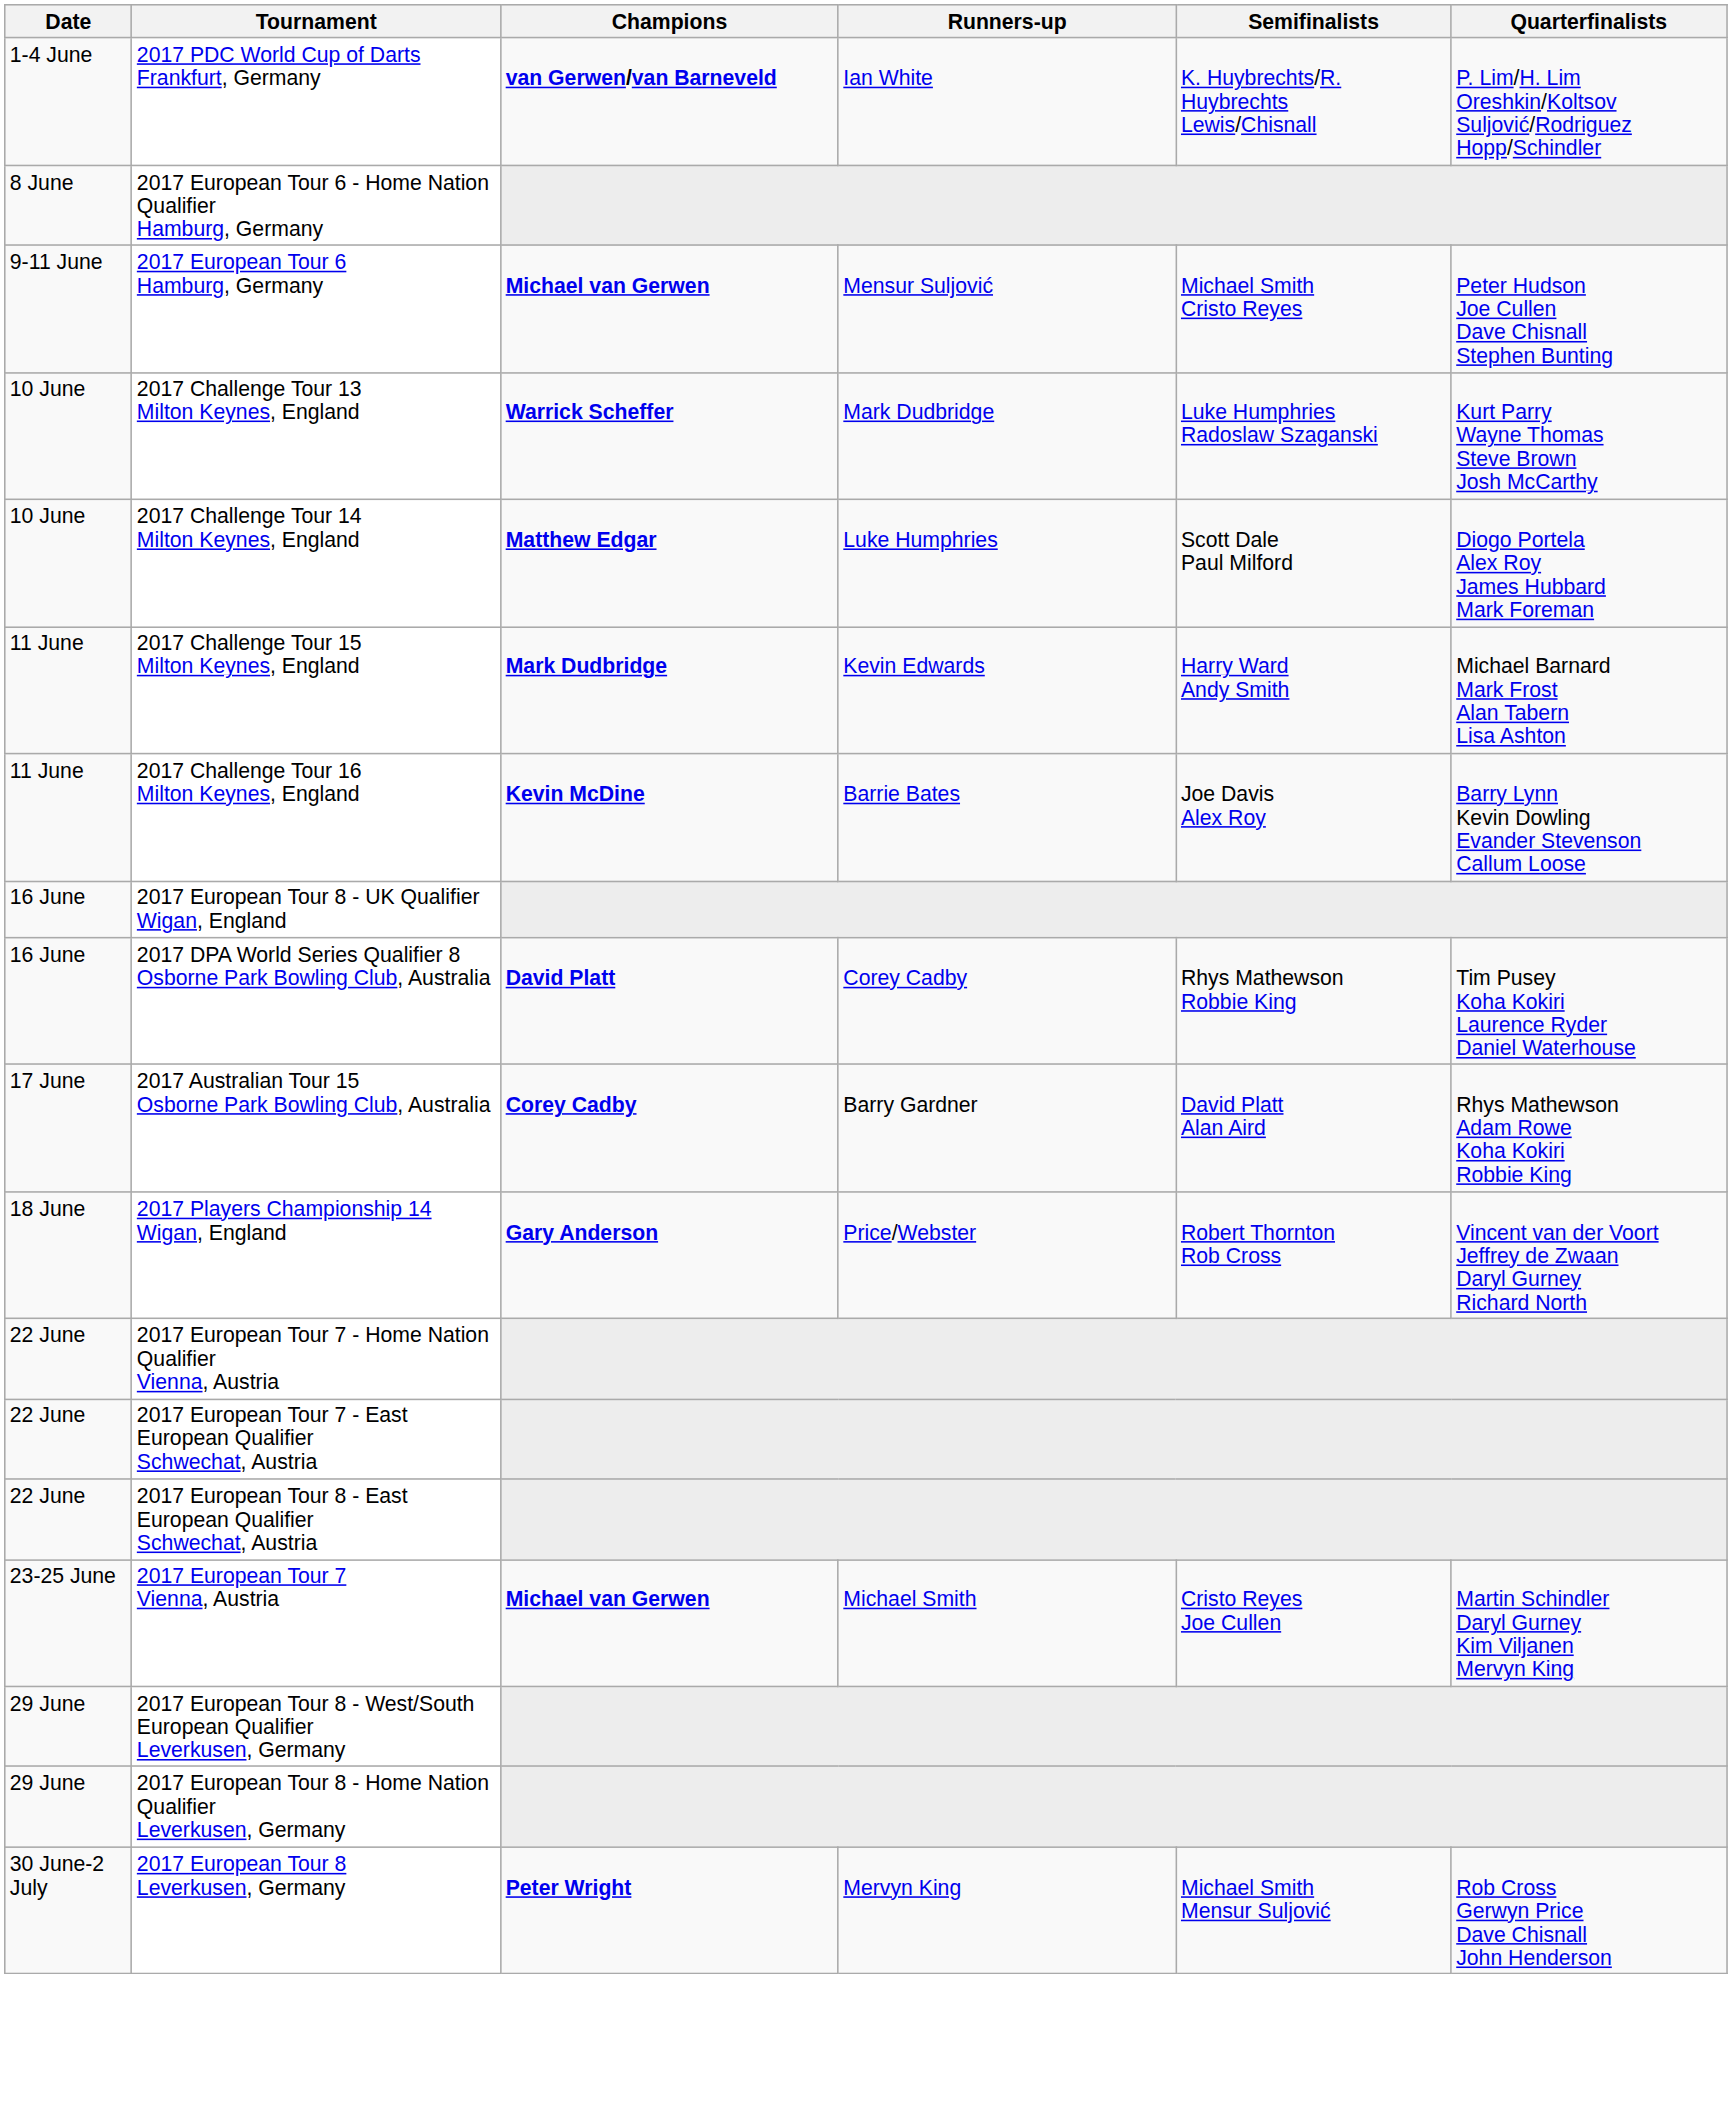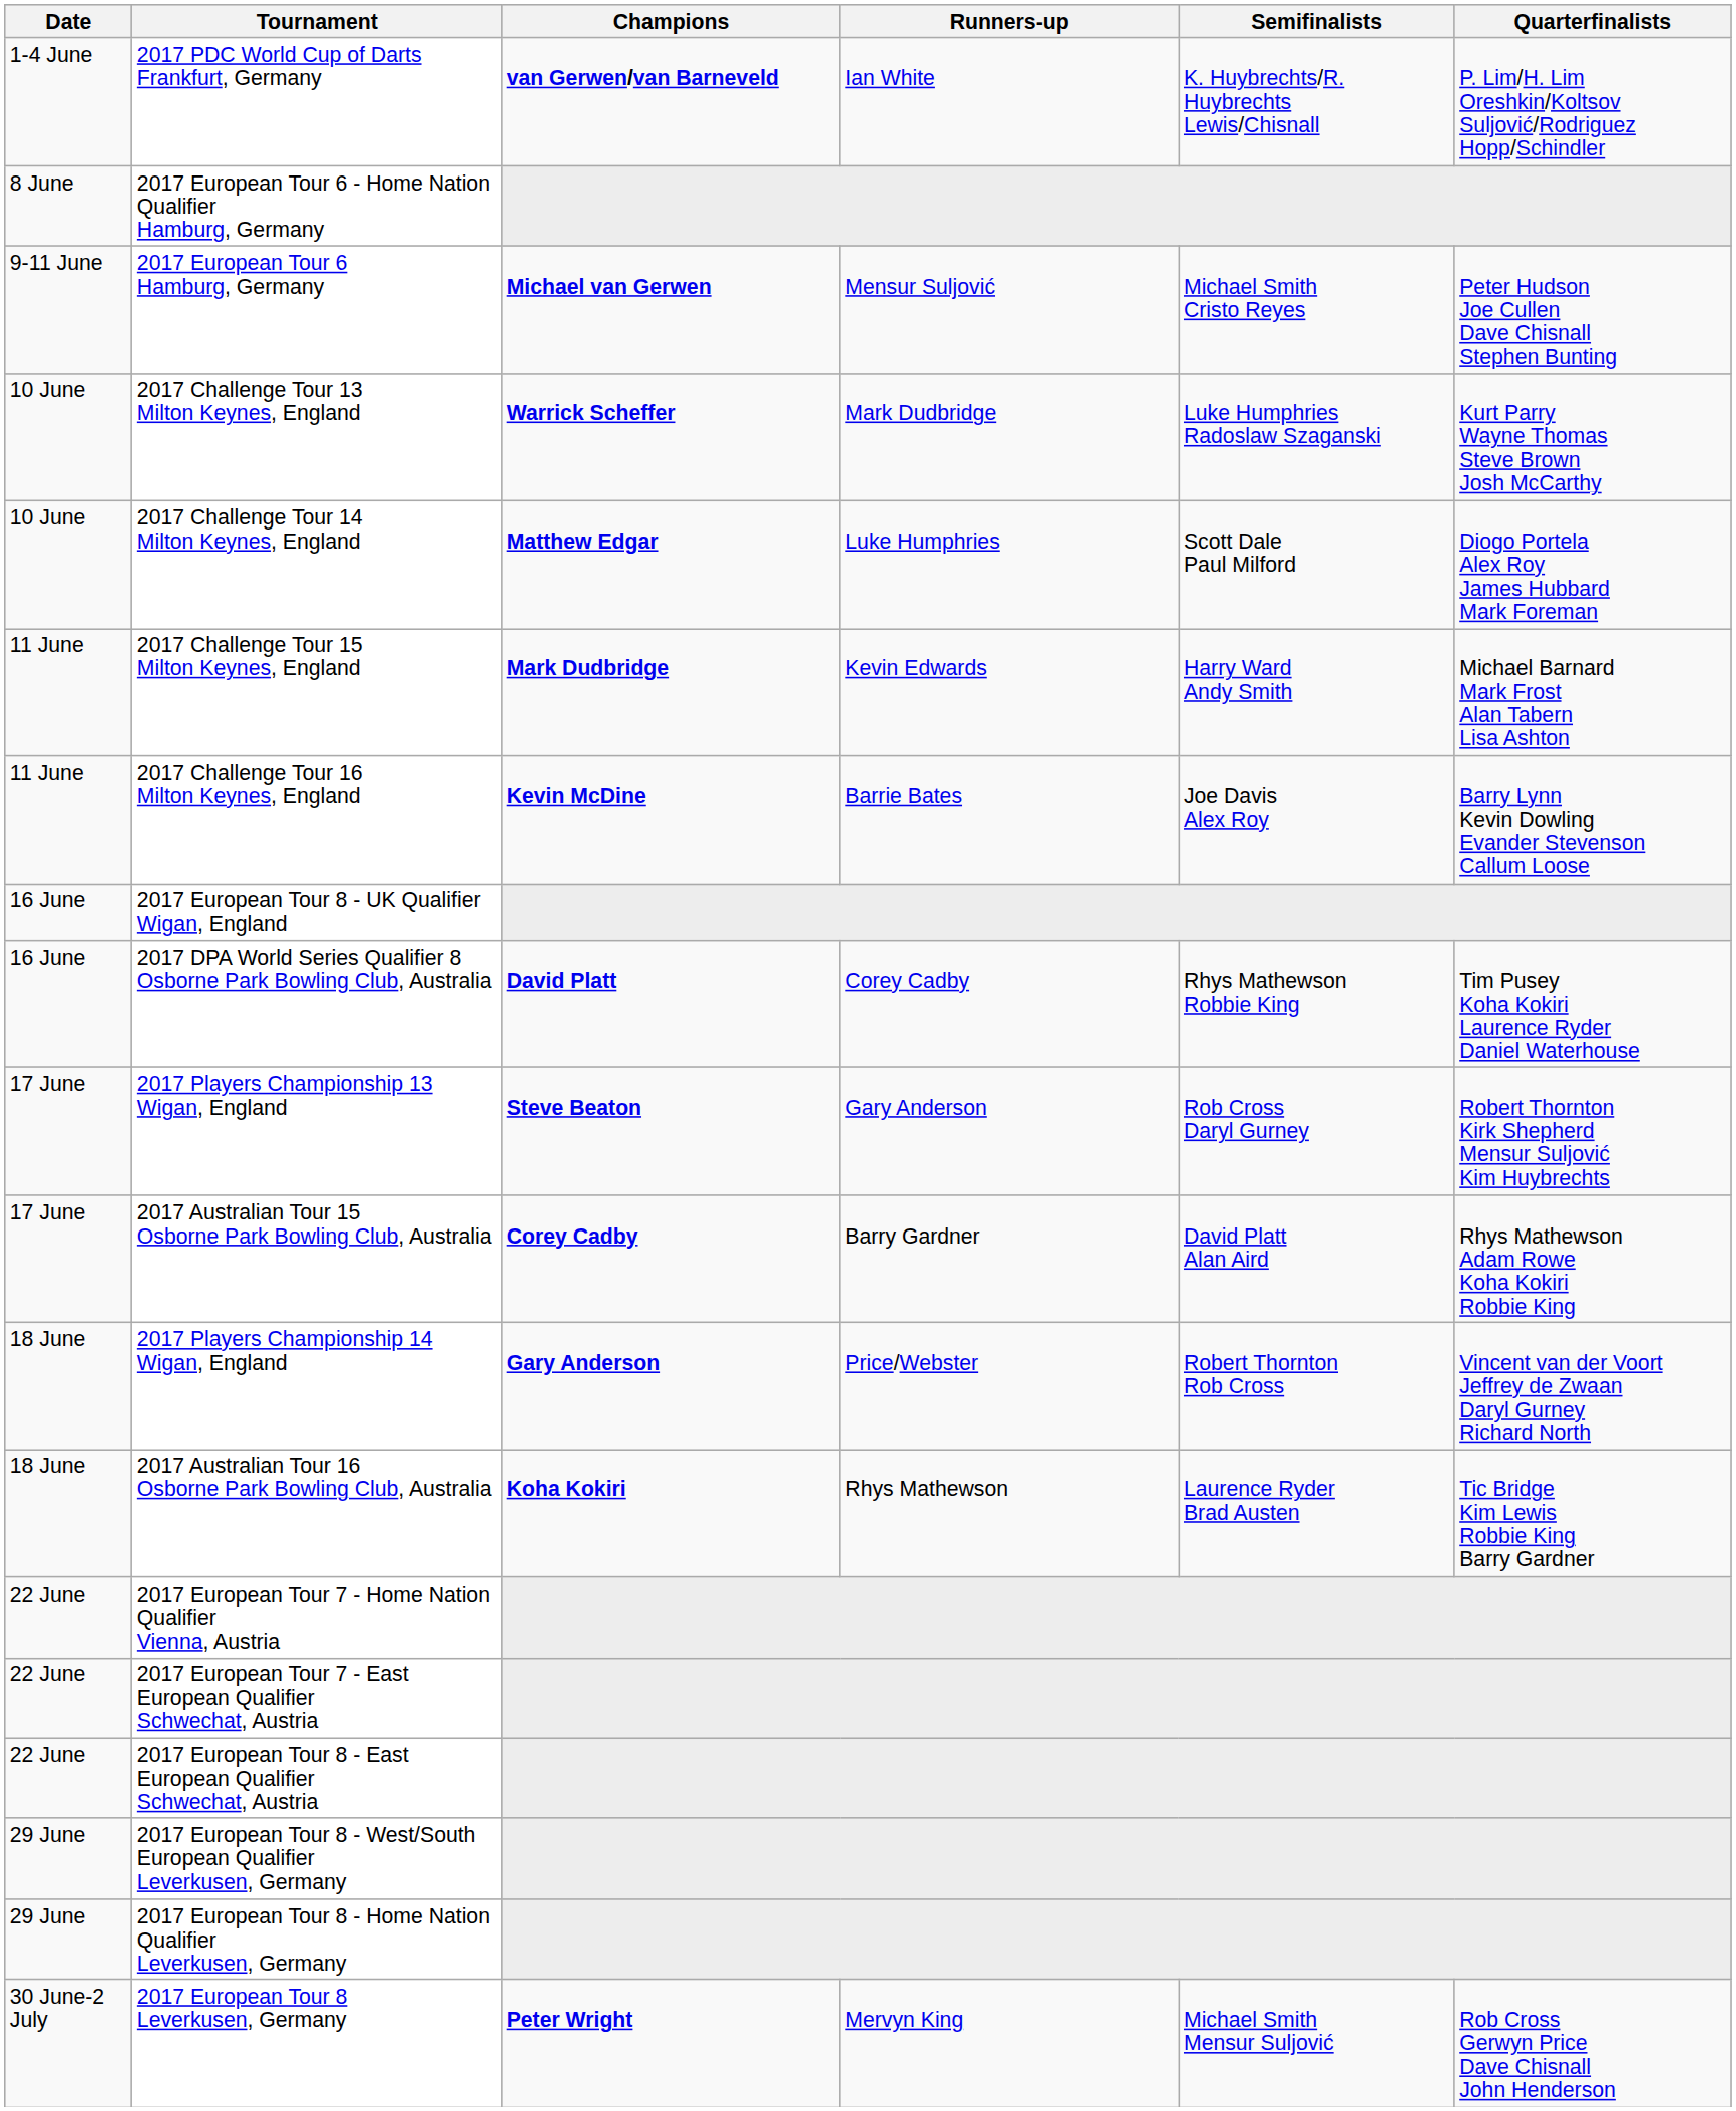 <table class=wikitable style=font-size:85%>
 <tr>
 <th width=75>Date</th>
 <th width=230>Tournament</th>
 <th width=210>Champions</th>
 <th width=210>Runners-up</th>
 <th width=170>Semifinalists</th>
 <th width=170>Quarterfinalists</th>
 </tr>
 <tr valign="top">
 <td>1-4 June</td>
 <td bgcolor="#ffffff"><a href='#'>2017 PDC World Cup of Darts</a><br><a href='#'>Frankfurt</a>, Germany</td>
 <td><br> <strong><a href='#'>van Gerwen</a>/<a href='#'>van Barneveld</a></strong></td>
 <td><br> <a href='#'>Ian White</a></td>
 <td><br> <a href='#'>K. Huybrechts</a>/<a href='#'>R. Huybrechts</a><br>  <a href='#'>Lewis</a>/<a href='#'>Chisnall</a></td>
 <td><br> <a href='#'>P. Lim</a>/<a href='#'>H. Lim</a><br>  <a href='#'>Oreshkin</a>/<a href='#'>Koltsov</a><br>  <a href='#'>Suljović</a>/<a href='#'>Rodriguez</a><br>  <a href='#'>Hopp</a>/<a href='#'>Schindler</a></td>
 </tr>
 <tr valign="top">
 <td>8 June</td>
 <td bgcolor="#ffffff">2017 European Tour 6 - Home Nation Qualifier <br> <a href='#'>Hamburg</a>, Germany</td>
 <td colspan=4 bgcolor="#ededed"></td>
 </tr>
 <tr valign="top">
 <td>9-11 June</td>
 <td bgcolor="#ffffff"><a href='#'>2017 European Tour 6</a><br><a href='#'>Hamburg</a>, Germany</td>
 <td><br> <strong><a href='#'>Michael van Gerwen</a></strong></td>
 <td><br> <a href='#'>Mensur Suljović</a></td>
 <td><br> <a href='#'>Michael Smith</a> <br>  <a href='#'>Cristo Reyes</a></td>
 <td><br> <a href='#'>Peter Hudson</a> <br>  <a href='#'>Joe Cullen</a> <br>  <a href='#'>Dave Chisnall</a> <br>  <a href='#'>Stephen Bunting</a></td>
 </tr>
 <tr valign="top">
 <td>10 June</td>
 <td bgcolor="#ffffff">2017 Challenge Tour 13<br><a href='#'>Milton Keynes</a>, England</td>
 <td><br> <strong><a href='#'>Warrick Scheffer</a></strong></td>
 <td><br> <a href='#'>Mark Dudbridge</a></td>
 <td><br> <a href='#'>Luke Humphries</a> <br>  <a href='#'>Radoslaw Szaganski</a></td>
 <td><br> <a href='#'>Kurt Parry</a> <br>  <a href='#'>Wayne Thomas</a> <br>  <a href='#'>Steve Brown</a> <br>  <a href='#'>Josh McCarthy</a></td>
 </tr>
 <tr valign="top">
 <td>10 June</td>
 <td bgcolor="#ffffff">2017 Challenge Tour 14<br><a href='#'>Milton Keynes</a>, England</td>
 <td><br> <strong><a href='#'>Matthew Edgar</a></strong></td>
 <td><br> <a href='#'>Luke Humphries</a></td>
 <td><br> Scott Dale <br>  Paul Milford</td>
 <td><br> <a href='#'>Diogo Portela</a> <br>  <a href='#'>Alex Roy</a> <br>  <a href='#'>James Hubbard</a> <br>  <a href='#'>Mark Foreman</a></td>
 </tr>
 <tr valign="top">
 <td>11 June</td>
 <td bgcolor="#ffffff">2017 Challenge Tour 15<br><a href='#'>Milton Keynes</a>, England</td>
 <td><br> <strong><a href='#'>Mark Dudbridge</a></strong></td>
 <td><br> <a href='#'>Kevin Edwards</a></td>
 <td><br> <a href='#'>Harry Ward</a> <br>  <a href='#'>Andy Smith</a></td>
 <td><br> Michael Barnard <br>  <a href='#'>Mark Frost</a> <br>  <a href='#'>Alan Tabern</a> <br>  <a href='#'>Lisa Ashton</a></td>
 </tr>
 <tr valign="top">
 <td>11 June</td>
 <td bgcolor="#ffffff">2017 Challenge Tour 16<br><a href='#'>Milton Keynes</a>, England</td>
 <td><br> <strong><a href='#'>Kevin McDine</a></strong></td>
 <td><br> <a href='#'>Barrie Bates</a></td>
 <td><br> Joe Davis <br>  <a href='#'>Alex Roy</a></td>
 <td><br> <a href='#'>Barry Lynn</a><br>  Kevin Dowling <br>  <a href='#'>Evander Stevenson</a> <br>  <a href='#'>Callum Loose</a></td>
 </tr>
 <tr valign="top">
 <td>16 June</td>
 <td bgcolor="#ffffff">2017 European Tour 8 - UK Qualifier <br> <a href='#'>Wigan</a>, England</td>
 <td colspan=4 bgcolor="#ededed"></td>
 </tr>
 <tr valign="top">
 <td>16 June</td>
 <td bgcolor="#ffffff">2017 DPA World Series Qualifier 8<br><a href='#'>Osborne Park Bowling Club</a>, Australia</td>
 <td><br> <strong><a href='#'>David Platt</a></strong></td>
 <td><br> <a href='#'>Corey Cadby</a></td>
 <td><br> Rhys Mathewson <br>  <a href='#'>Robbie King</a></td>
 <td><br> Tim Pusey <br>  <a href='#'>Koha Kokiri</a> <br>  <a href='#'>Laurence Ryder</a> <br>  <a href='#'>Daniel Waterhouse</a></td>
 </tr>
 <tr valign="top">
 <td>17 June</td>
+<td bgcolor="#ffffff"><a href='#'>2017 Players Championship 13</a><br><a href='#'>Wigan</a>, England</td>
+<td><br> <strong><a href='#'>Steve Beaton</a></strong></td>
+<td><br> <a href='#'>Gary Anderson</a></td>
+<td><br> <a href='#'>Rob Cross</a> <br>  <a href='#'>Daryl Gurney</a></td>
+<td><br> <a href='#'>Robert Thornton</a> <br>  <a href='#'>Kirk Shepherd</a> <br>  <a href='#'>Mensur Suljović</a> <br>  <a href='#'>Kim Huybrechts</a></td>
+</tr>
+<tr valign="top">
+<td>17 June</td>
 <td bgcolor="#ffffff">2017 Australian Tour 15<br><a href='#'>Osborne Park Bowling Club</a>, Australia</td>
 <td><br> <strong><a href='#'>Corey Cadby</a></strong></td>
 <td><br> Barry Gardner</td>
 <td><br> <a href='#'>David Platt</a> <br>  <a href='#'>Alan Aird</a></td>
 <td><br> Rhys Mathewson <br>  <a href='#'>Adam Rowe</a> <br>  <a href='#'>Koha Kokiri</a> <br>  <a href='#'>Robbie King</a></td>
 </tr>
 <tr valign="top">
 <td>18 June</td>
 <td bgcolor="#ffffff"><a href='#'>2017 Players Championship 14</a><br><a href='#'>Wigan</a>, England</td>
 <td><br> <strong><a href='#'>Gary Anderson</a></strong></td>
 <td><br> <a href='#'>Price</a>/<a href='#'>Webster</a></td>
 <td><br> <a href='#'>Robert Thornton</a> <br>  <a href='#'>Rob Cross</a></td>
 <td><br> <a href='#'>Vincent van der Voort</a> <br>  <a href='#'>Jeffrey de Zwaan</a> <br>  <a href='#'>Daryl Gurney</a> <br>  <a href='#'>Richard North</a></td>
 </tr>
 <tr valign="top">
+<td>18 June</td>
+<td bgcolor="#ffffff">2017 Australian Tour 16<br><a href='#'>Osborne Park Bowling Club</a>, Australia</td>
+<td><br> <strong><a href='#'>Koha Kokiri</a></strong></td>
+<td><br> Rhys Mathewson</td>
+<td><br> <a href='#'>Laurence Ryder</a> <br>  <a href='#'>Brad Austen</a></td>
+<td><br> <a href='#'>Tic Bridge</a> <br>  <a href='#'>Kim Lewis</a> <br>  <a href='#'>Robbie King</a> <br>  Barry Gardner</td>
+</tr>
+<tr valign="top">
 <td>22 June</td>
 <td bgcolor="#ffffff">2017 European Tour 7 - Home Nation Qualifier <br> <a href='#'>Vienna</a>, Austria</td>
 <td colspan=4 bgcolor="#ededed"></td>
 </tr>
 <tr valign="top">
 <td>22 June</td>
 <td bgcolor="#ffffff">2017 European Tour 7 - East European Qualifier <br> <a href='#'>Schwechat</a>, Austria</td>
 <td colspan=4 bgcolor="#ededed"></td>
 </tr>
 <tr valign="top">
 <td>22 June</td>
 <td bgcolor="#ffffff">2017 European Tour 8 - East European Qualifier <br> <a href='#'>Schwechat</a>, Austria</td>
 <td colspan=4 bgcolor="#ededed"></td>
-</tr>
-<tr valign="top">
-<td>23-25 June</td>
-<td bgcolor="#ffffff"><a href='#'>2017 European Tour 7</a><br><a href='#'>Vienna</a>, Austria</td>
-<td><br> <strong><a href='#'>Michael van Gerwen</a></strong></td>
-<td><br> <a href='#'>Michael Smith</a></td>
-<td><br> <a href='#'>Cristo Reyes</a> <br>  <a href='#'>Joe Cullen</a></td>
-<td><br> <a href='#'>Martin Schindler</a> <br>  <a href='#'>Daryl Gurney</a> <br>  <a href='#'>Kim Viljanen</a> <br>  <a href='#'>Mervyn King</a></td>
 </tr>
 <tr valign="top">
 <td>29 June</td>
 <td bgcolor="#ffffff">2017 European Tour 8 - West/South European Qualifier <br> <a href='#'>Leverkusen</a>, Germany</td>
 <td colspan=4 bgcolor="#ededed"></td>
 </tr>
 <tr valign="top">
 <td>29 June</td>
 <td bgcolor="#ffffff">2017 European Tour 8 - Home Nation Qualifier <br> <a href='#'>Leverkusen</a>, Germany</td>
 <td colspan=4 bgcolor="#ededed"></td>
 </tr>
 <tr valign="top">
 <td>30 June-2 July</td>
 <td bgcolor="#ffffff"><a href='#'>2017 European Tour 8</a><br><a href='#'>Leverkusen</a>, Germany</td>
 <td><br> <strong><a href='#'>Peter Wright</a></strong></td>
 <td><br> <a href='#'>Mervyn King</a></td>
 <td><br> <a href='#'>Michael Smith</a> <br>  <a href='#'>Mensur Suljović</a></td>
 <td><br> <a href='#'>Rob Cross</a> <br>  <a href='#'>Gerwyn Price</a> <br>  <a href='#'>Dave Chisnall</a> <br>  <a href='#'>John Henderson</a></td>
 </tr>
 </table>
